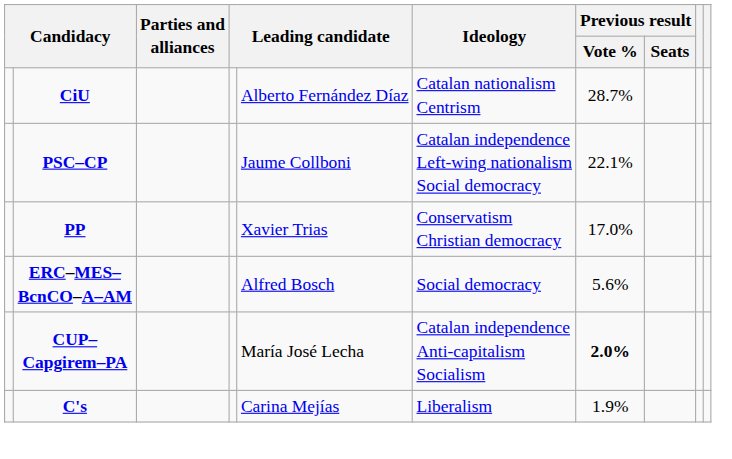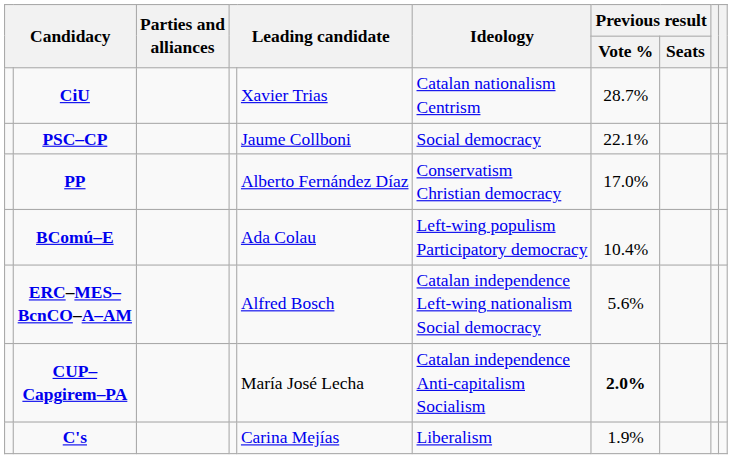 <table class="wikitable" style="line-height:1.35em; text-align:left;">
 <tr>
 <th colspan="2" rowspan="2">Candidacy</th>
 <th rowspan="2">Parties and<br>alliances</th>
 <th colspan="2" rowspan="2">Leading candidate</th>
 <th rowspan="2">Ideology</th>
 <th colspan="2">Previous result</th>
 <th rowspan="2"></th>
 <th rowspan="2"></th>
 </tr>
 <tr>
 <th>Vote %</th>
 <th>Seats</th>
 </tr>
 <tr>
 <td width="1" style="color:inherit;background:"></td>
 <td align="center"><strong><a href='#'>CiU</a></strong></td>
 <td></td>
 <td></td>
-<td><a href='#'>Alberto Fernández Díaz</a></td>
+<td><a href='#'>Xavier Trias</a></td>
 <td><a href='#'>Catalan nationalism</a><br><a href='#'>Centrism</a></td>
 <td align="center">28.7%</td>
 <td></td>
 <td></td>
 <td></td>
 </tr>
 <tr>
 <td style="color:inherit;background:"></td>
 <td align="center"><strong><a href='#'>PSC–CP</a></strong></td>
 <td></td>
 <td></td>
 <td><a href='#'>Jaume Collboni</a></td>
-<td><a href='#'>Catalan independence</a><br><a href='#'>Left-wing nationalism</a><br><a href='#'>Social democracy</a></td>
+<td><a href='#'>Social democracy</a></td>
 <td align="center">22.1%</td>
 <td></td>
 <td></td>
 <td></td>
 </tr>
 <tr>
 <td style="color:inherit;background:"></td>
 <td align="center"><strong><a href='#'>PP</a></strong></td>
 <td></td>
 <td></td>
-<td><a href='#'>Xavier Trias</a></td>
+<td><a href='#'>Alberto Fernández Díaz</a></td>
 <td><a href='#'>Conservatism</a><br><a href='#'>Christian democracy</a></td>
 <td align="center">17.0%</td>
+<td></td>
+<td></td>
+<td></td>
+</tr>
+<tr>
+<td style="color:inherit;background:"></td>
+<td align="center"><strong><a href='#'>BComú–E</a></strong></td>
+<td></td>
+<td></td>
+<td><a href='#'>Ada Colau</a></td>
+<td><a href='#'>Left-wing populism</a><br><a href='#'>Participatory democracy</a></td>
+<td align="center"><br>10.4%<br></td>
 <td></td>
 <td></td>
 <td></td>
 </tr>
 <tr>
 <td style="color:inherit;background:"></td>
 <td align="center"><strong><a href='#'>ERC</a>–<a href='#'>MES–<br>BcnCO</a>–<a href='#'>A–AM</a></strong></td>
 <td></td>
 <td></td>
 <td><a href='#'>Alfred Bosch</a></td>
-<td><a href='#'>Social democracy</a></td>
+<td><a href='#'>Catalan independence</a><br><a href='#'>Left-wing nationalism</a><br><a href='#'>Social democracy</a></td>
 <td align="center">5.6%</td>
 <td></td>
 <td></td>
 <td></td>
 </tr>
 <tr>
 <td style="color:inherit;background:"></td>
 <td align="center"><strong><a href='#'>CUP–<br>Capgirem–PA</a></strong></td>
 <td></td>
 <td></td>
 <td>María José Lecha</td>
 <td><a href='#'>Catalan independence</a><br><a href='#'>Anti-capitalism</a><br><a href='#'>Socialism</a></td>
 <td align="center"><strong>2.0%</strong></td>
 <td></td>
 <td></td>
 <td></td>
 </tr>
 <tr>
 <td style="color:inherit;background:"></td>
 <td align="center"><strong><a href='#'>C's</a></strong></td>
 <td></td>
 <td></td>
 <td><a href='#'>Carina Mejías</a></td>
 <td><a href='#'>Liberalism</a></td>
 <td align="center">1.9%</td>
 <td></td>
 <td></td>
 <td></td>
 </tr>
 </table>
